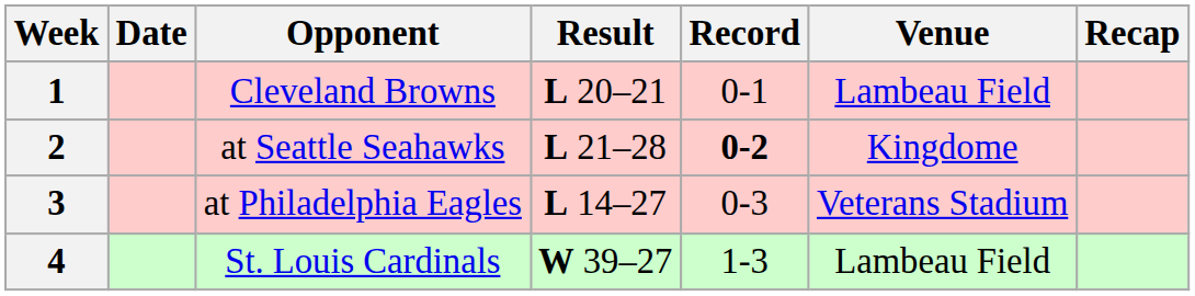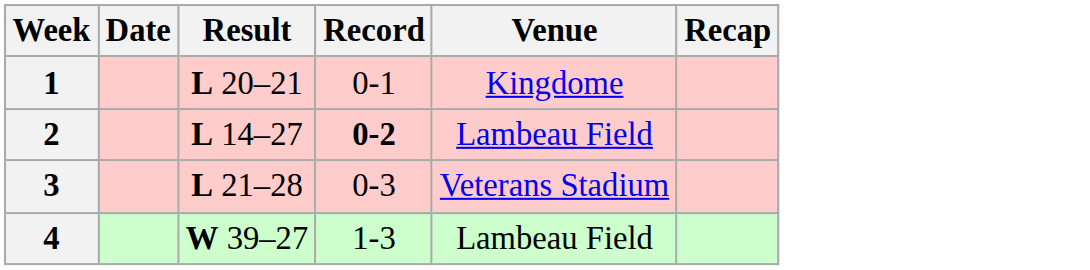 <table class="wikitable" style="text-align:center">
 <tr>
 <th>Week</th>
 <th>Date</th>
-<th>Opponent</th>
 <th>Result</th>
 <th>Record</th>
 <th>Venue</th>
 <th>Recap</th>
 </tr>
 <tr style="background:#fcc">
 <th>1</th>
 <td></td>
-<td><a href='#'>Cleveland Browns</a></td>
 <td><strong>L</strong> 20–21</td>
 <td>0-1</td>
-<td><a href='#'>Lambeau Field</a></td>
+<td><a href='#'>Kingdome</a></td>
 <td></td>
 </tr>
 <tr style="background:#fcc">
 <th>2</th>
 <td></td>
-<td>at <a href='#'>Seattle Seahawks</a></td>
-<td><strong>L</strong> 21–28</td>
+<td><strong>L</strong> 14–27</td>
 <td><strong>0-2</strong></td>
-<td><a href='#'>Kingdome</a></td>
+<td><a href='#'>Lambeau Field</a></td>
 <td></td>
 </tr>
 <tr style="background:#fcc">
 <th>3</th>
 <td></td>
-<td>at <a href='#'>Philadelphia Eagles</a></td>
-<td><strong>L</strong> 14–27</td>
+<td><strong>L</strong> 21–28</td>
 <td>0-3</td>
 <td><a href='#'>Veterans Stadium</a></td>
 <td></td>
 </tr>
 <tr style="background:#cfc">
 <th>4</th>
 <td></td>
-<td><a href='#'>St. Louis Cardinals</a></td>
 <td><strong>W</strong> 39–27</td>
 <td>1-3</td>
 <td>Lambeau Field</td>
 <td></td>
 </tr>
 </table>
